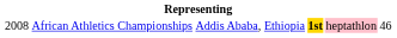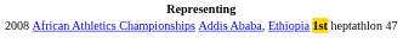 <table>
 <tr>
 <th colspan="6">Representing </th>
 </tr>
 <tr>
 <td rowspan=3>2008</td>
 <td rowspan=2><a href='#'>African Athletics Championships</a></td>
 <td rowspan=2><a href='#'>Addis Ababa</a>, <a href='#'>Ethiopia</a></td>
 <td bgcolor="gold"><strong>1st</strong></td>
-<td style="background: pink;">heptathlon</td>
-<td>46</td>
+<td>heptathlon</td>
+<td>47</td>
 </tr>
 <tr>
 </tr>
 </table>
